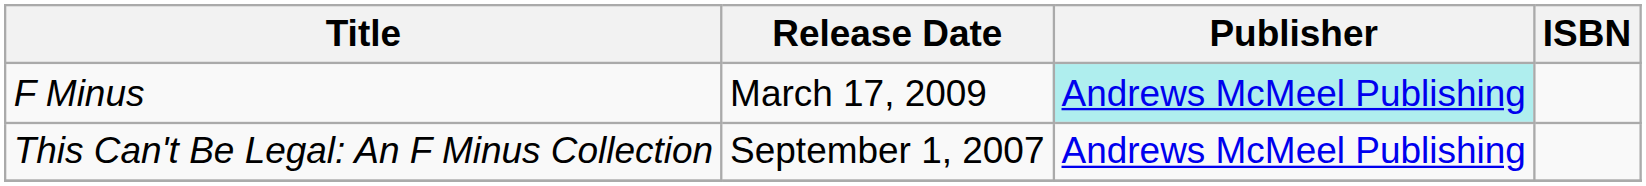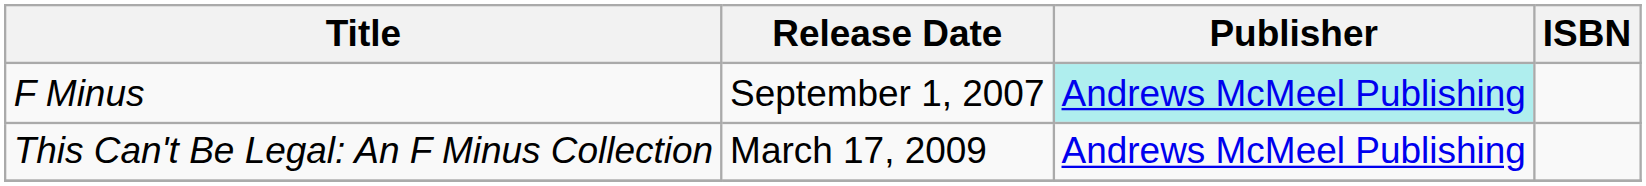 <table class="wikitable">
 <tr>
 <th>Title</th>
 <th>Release Date</th>
 <th>Publisher</th>
 <th>ISBN</th>
 </tr>
 <tr>
 <td><em>F Minus</em></td>
-<td>March 17, 2009</td>
+<td>September 1, 2007</td>
 <td style="background: paleturquoise;"><a href='#'>Andrews McMeel Publishing</a></td>
 <td></td>
 </tr>
 <tr>
 <td><em>This Can't Be Legal: An F Minus Collection</em></td>
-<td>September 1, 2007</td>
+<td>March 17, 2009</td>
 <td><a href='#'>Andrews McMeel Publishing</a></td>
 <td></td>
 </tr>
 <tr>
 </tr>
 </table>
